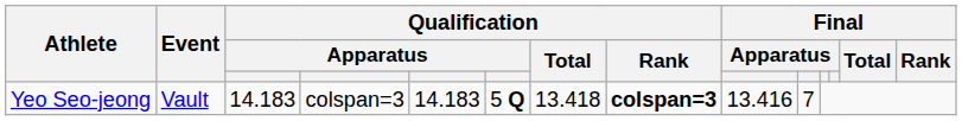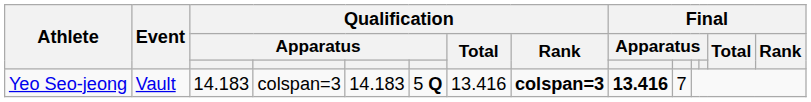 <table class=wikitable style=font-size:90%>
 <tr>
 <th rowspan=3>Athlete</th>
 <th rowspan=3>Event</th>
 <th colspan=6>Qualification</th>
 <th colspan=6>Final</th>
 </tr>
 <tr style=font-size:95%>
 <th colspan=4>Apparatus</th>
 <th rowspan=2>Total</th>
 <th rowspan=2>Rank</th>
 <th colspan=4>Apparatus</th>
 <th rowspan=2>Total</th>
 <th rowspan=2>Rank</th>
 </tr>
 <tr style=font-size:95%>
 <th></th>
 <th></th>
 <th></th>
 <th></th>
 <th></th>
 <th></th>
 <th></th>
 <th></th>
 </tr>
 <tr align=center>
 <td align=left><a href='#'>Yeo Seo-jeong</a></td>
 <td align=left><a href='#'>Vault</a></td>
 <td>14.183</td>
 <td>colspan=3 </td>
 <td>14.183</td>
 <td>5 <strong>Q</strong></td>
-<td>13.418</td>
+<td>13.416</td>
 <td><strong>colspan=3 </strong></td>
-<td>13.416</td>
+<td><strong>13.416</strong></td>
 <td>7</td>
 </tr>
 </table>
